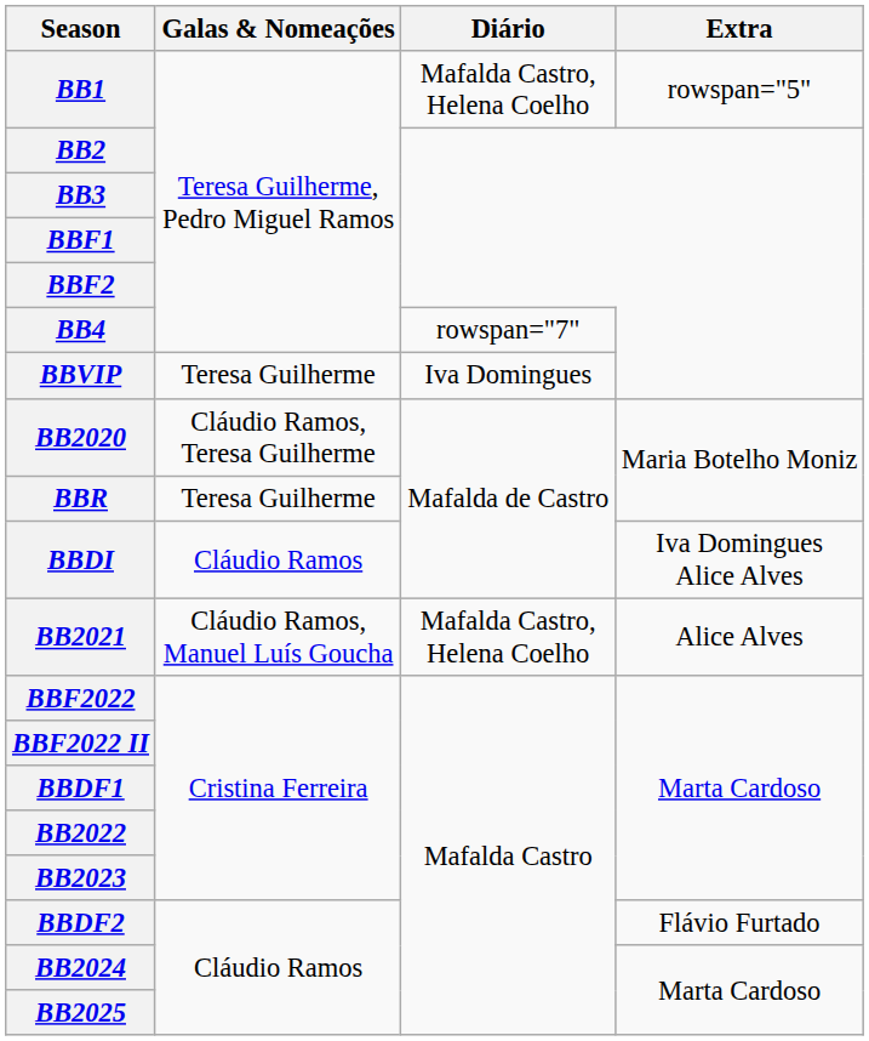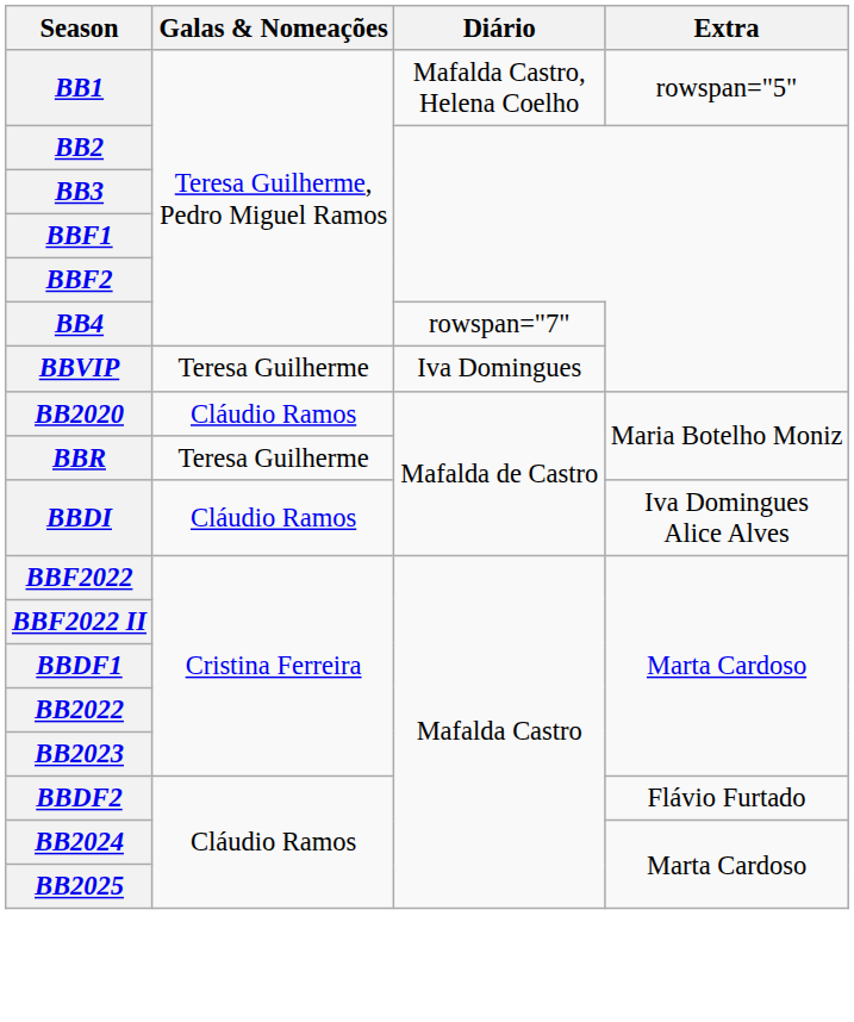 <table class="wikitable" style="text-align:center; font-size:95%">
 <tr>
 <th>Season</th>
 <th>Galas & Nomeações</th>
 <th>Diário</th>
 <th>Extra</th>
 </tr>
 <tr>
 <th><em><a href='#'>BB1</a></em></th>
 <td rowspan="6"><a href='#'>Teresa Guilherme</a>,<br>Pedro Miguel Ramos</td>
 <td>Mafalda Castro,<br>Helena Coelho</td>
 <td>rowspan="5" </td>
 </tr>
 <tr>
 <th><em><a href='#'>BB2</a></em></th>
 </tr>
 <tr>
 <th><em><a href='#'>BB3</a></em></th>
 </tr>
 <tr>
 <th><em><a href='#'>BBF1</a></em></th>
 </tr>
 <tr>
 <th><em><a href='#'>BBF2</a></em></th>
 </tr>
 <tr>
 <th><em><a href='#'>BB4</a></em></th>
 <td>rowspan="7" </td>
 </tr>
 <tr>
 <th><em><a href='#'>BBVIP</a></em></th>
 <td>Teresa Guilherme</td>
 <td>Iva Domingues</td>
 </tr>
 <tr>
 <th><em><a href='#'>BB2020</a></em></th>
-<td>Cláudio Ramos,<br>Teresa Guilherme</td>
+<td><a href='#'>Cláudio Ramos</a></td>
 <td rowspan="3">Mafalda de Castro</td>
 <td rowspan="2">Maria Botelho Moniz</td>
 </tr>
 <tr>
 <th><em><a href='#'>BBR</a></em></th>
 <td>Teresa Guilherme</td>
 </tr>
 <tr>
 <th><em><a href='#'>BBDI</a></em></th>
 <td><a href='#'>Cláudio Ramos</a></td>
 <td>Iva Domingues <br>Alice Alves </td>
-</tr>
-<tr>
-<th><em><a href='#'>BB2021</a></em></th>
-<td>Cláudio Ramos,<br><a href='#'>Manuel Luís Goucha</a></td>
-<td>Mafalda Castro,<br>Helena Coelho</td>
-<td>Alice Alves</td>
 </tr>
 <tr>
 <th><em><a href='#'>BBF2022</a></em></th>
 <td rowspan="5"><a href='#'>Cristina Ferreira</a></td>
 <td rowspan="8">Mafalda Castro</td>
 <td rowspan="5"><a href='#'>Marta Cardoso</a></td>
 </tr>
 <tr>
 <th><em><a href='#'>BBF2022 II</a></em></th>
 </tr>
 <tr>
 <th><em><a href='#'>BBDF1</a></em></th>
 </tr>
 <tr>
 <th><em><a href='#'>BB2022</a></em></th>
 </tr>
 <tr>
 <th><em><a href='#'>BB2023</a></em></th>
 </tr>
 <tr>
 <th><em><a href='#'>BBDF2</a></em></th>
 <td rowspan="3">Cláudio Ramos</td>
 <td>Flávio Furtado</td>
 </tr>
 <tr>
 <th><em><a href='#'>BB2024</a></em></th>
 <td rowspan="2">Marta Cardoso</td>
 </tr>
 <tr>
 <th><em><a href='#'>BB2025</a></em></th>
 </tr>
 </table>
